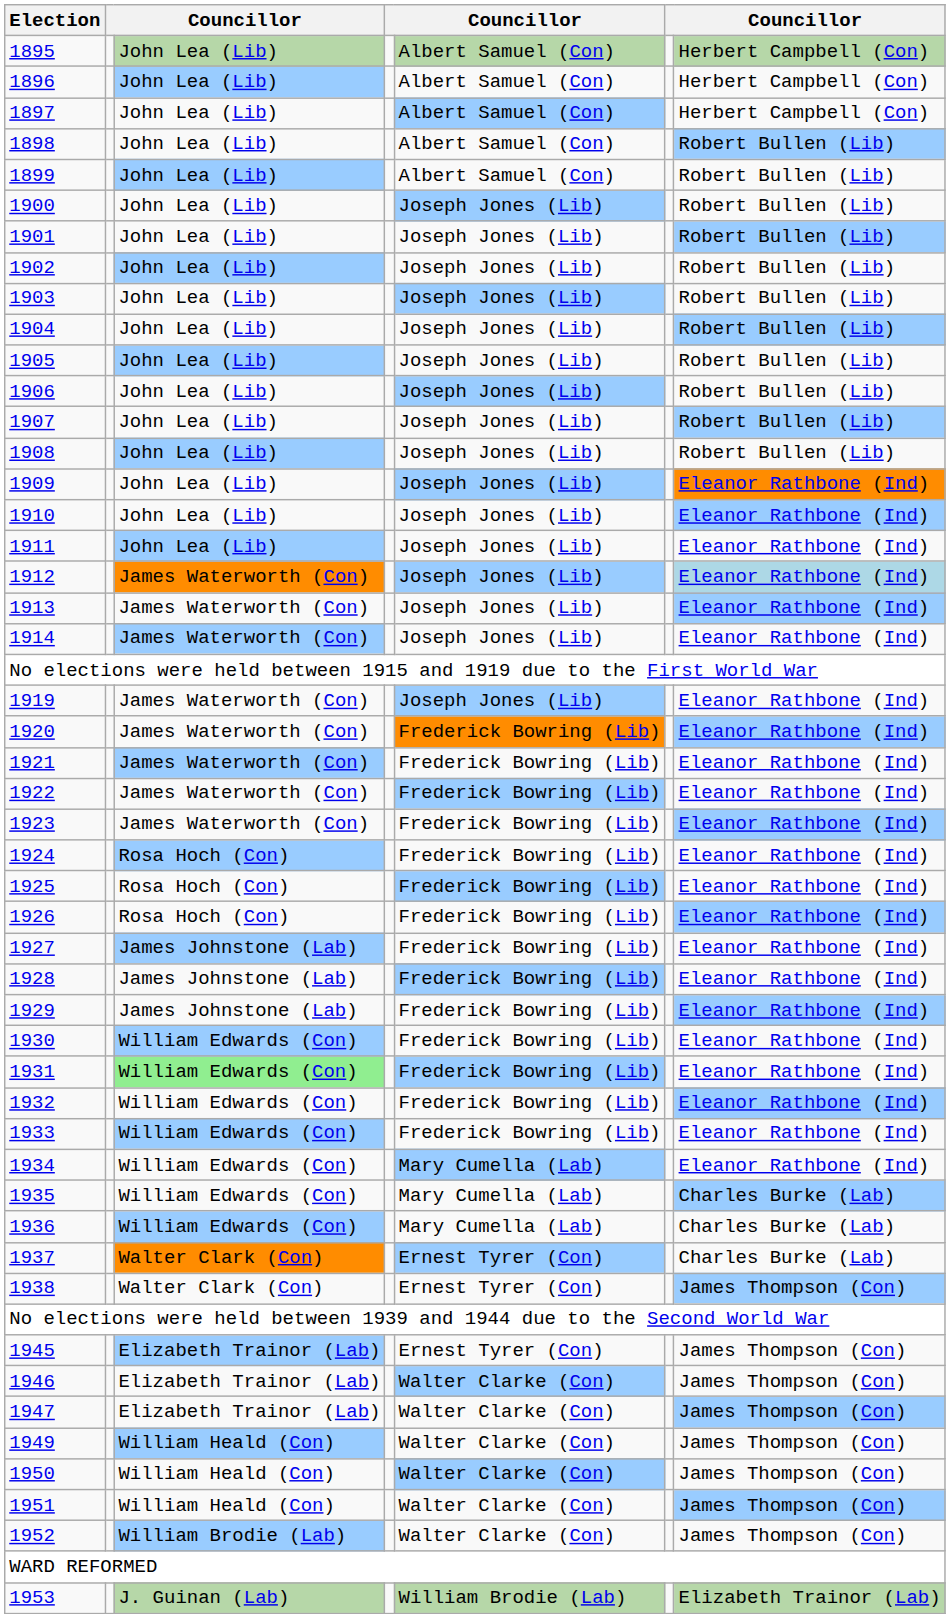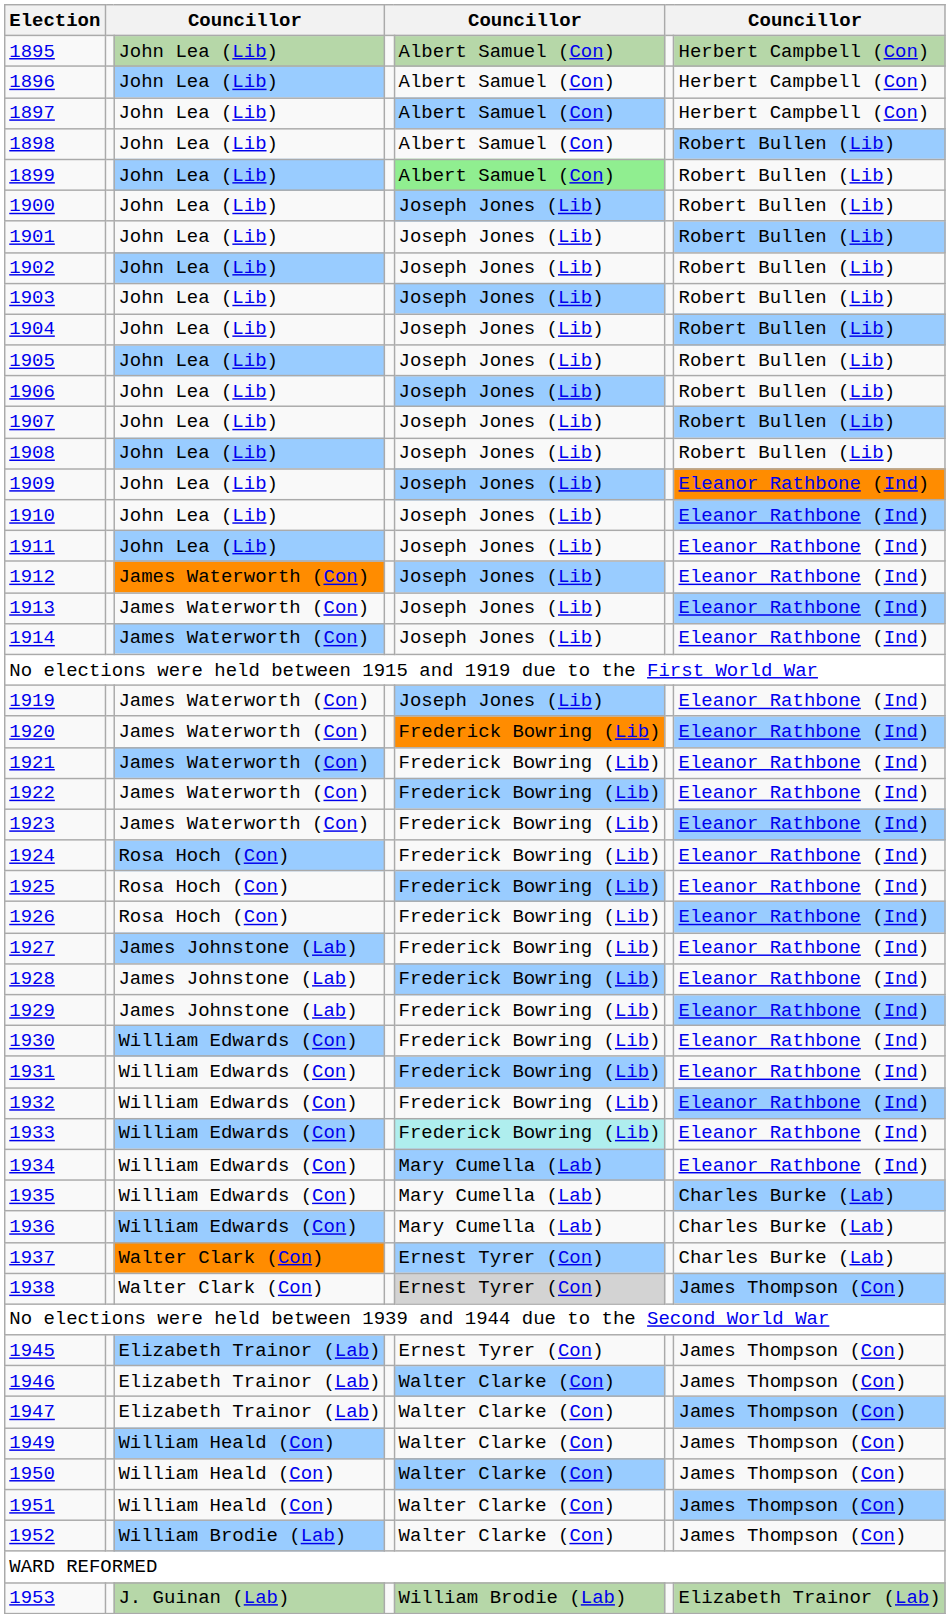 <table class="wikitable">
 <tr>
 <th>Election</th>
 <th colspan="2">Councillor</th>
 <th colspan="2">Councillor</th>
 <th colspan="2">Councillor</th>
 </tr>
 <tr>
 <td><a href='#'>1895</a></td>
 <td style="background-color: "></td>
 <td bgcolor="#B6D7A8">John Lea (<a href='#'>Lib</a>)</td>
 <td style="background-color: "></td>
 <td bgcolor="#B6D7A8">Albert Samuel (<a href='#'>Con</a>)</td>
 <td style="background-color: "></td>
 <td bgcolor="#B6D7A8">Herbert Campbell (<a href='#'>Con</a>)</td>
 </tr>
 <tr>
 <td><a href='#'>1896</a></td>
 <td style="background-color: "></td>
 <td bgcolor="#99CCFF">John Lea (<a href='#'>Lib</a>)</td>
 <td style="background-color: "></td>
 <td>Albert Samuel (<a href='#'>Con</a>)</td>
 <td style="background-color: "></td>
 <td>Herbert Campbell (<a href='#'>Con</a>)</td>
 </tr>
 <tr>
 <td><a href='#'>1897</a></td>
 <td style="background-color: "></td>
 <td>John Lea (<a href='#'>Lib</a>)</td>
 <td style="background-color: "></td>
 <td bgcolor="#99CCFF">Albert Samuel (<a href='#'>Con</a>)</td>
 <td style="background-color: "></td>
 <td>Herbert Campbell (<a href='#'>Con</a>)</td>
 </tr>
 <tr>
 <td><a href='#'>1898</a></td>
 <td style="background-color: "></td>
 <td>John Lea (<a href='#'>Lib</a>)</td>
 <td style="background-color: "></td>
 <td>Albert Samuel (<a href='#'>Con</a>)</td>
 <td style="background-color: "></td>
 <td bgcolor="#99CCFF">Robert Bullen (<a href='#'>Lib</a>)</td>
 </tr>
 <tr>
 <td><a href='#'>1899</a></td>
 <td style="background-color: "></td>
 <td bgcolor="#99CCFF">John Lea (<a href='#'>Lib</a>)</td>
 <td style="background-color: "></td>
-<td>Albert Samuel (<a href='#'>Con</a>)</td>
+<td style="background: lightgreen;">Albert Samuel (<a href='#'>Con</a>)</td>
 <td style="background-color: "></td>
 <td>Robert Bullen (<a href='#'>Lib</a>)</td>
 </tr>
 <tr>
 <td><a href='#'>1900</a></td>
 <td style="background-color: "></td>
 <td>John Lea (<a href='#'>Lib</a>)</td>
 <td style="background-color: "></td>
 <td bgcolor="#99CCFF">Joseph Jones (<a href='#'>Lib</a>)</td>
 <td style="background-color: "></td>
 <td>Robert Bullen (<a href='#'>Lib</a>)</td>
 </tr>
 <tr>
 <td><a href='#'>1901</a></td>
 <td style="background-color: "></td>
 <td>John Lea (<a href='#'>Lib</a>)</td>
 <td style="background-color: "></td>
 <td>Joseph Jones (<a href='#'>Lib</a>)</td>
 <td style="background-color: "></td>
 <td bgcolor="#99CCFF">Robert Bullen (<a href='#'>Lib</a>)</td>
 </tr>
 <tr>
 <td><a href='#'>1902</a></td>
 <td style="background-color: "></td>
 <td bgcolor="#99CCFF">John Lea (<a href='#'>Lib</a>)</td>
 <td style="background-color: "></td>
 <td>Joseph Jones (<a href='#'>Lib</a>)</td>
 <td style="background-color: "></td>
 <td>Robert Bullen (<a href='#'>Lib</a>)</td>
 </tr>
 <tr>
 <td><a href='#'>1903</a></td>
 <td style="background-color: "></td>
 <td>John Lea (<a href='#'>Lib</a>)</td>
 <td style="background-color: "></td>
 <td bgcolor="#99CCFF">Joseph Jones (<a href='#'>Lib</a>)</td>
 <td style="background-color: "></td>
 <td>Robert Bullen (<a href='#'>Lib</a>)</td>
 </tr>
 <tr>
 <td><a href='#'>1904</a></td>
 <td style="background-color: "></td>
 <td>John Lea (<a href='#'>Lib</a>)</td>
 <td style="background-color: "></td>
 <td>Joseph Jones (<a href='#'>Lib</a>)</td>
 <td style="background-color: "></td>
 <td bgcolor="#99CCFF">Robert Bullen (<a href='#'>Lib</a>)</td>
 </tr>
 <tr>
 <td><a href='#'>1905</a></td>
 <td style="background-color: "></td>
 <td bgcolor="#99CCFF">John Lea (<a href='#'>Lib</a>)</td>
 <td style="background-color: "></td>
 <td>Joseph Jones (<a href='#'>Lib</a>)</td>
 <td style="background-color: "></td>
 <td>Robert Bullen (<a href='#'>Lib</a>)</td>
 </tr>
 <tr>
 <td><a href='#'>1906</a></td>
 <td style="background-color: "></td>
 <td>John Lea (<a href='#'>Lib</a>)</td>
 <td style="background-color: "></td>
 <td bgcolor="#99CCFF">Joseph Jones (<a href='#'>Lib</a>)</td>
 <td style="background-color: "></td>
 <td>Robert Bullen (<a href='#'>Lib</a>)</td>
 </tr>
 <tr>
 <td><a href='#'>1907</a></td>
 <td style="background-color: "></td>
 <td>John Lea (<a href='#'>Lib</a>)</td>
 <td style="background-color: "></td>
 <td>Joseph Jones (<a href='#'>Lib</a>)</td>
 <td style="background-color: "></td>
 <td bgcolor="#99CCFF">Robert Bullen (<a href='#'>Lib</a>)</td>
 </tr>
 <tr>
 <td><a href='#'>1908</a></td>
 <td style="background-color: "></td>
 <td bgcolor="#99CCFF">John Lea (<a href='#'>Lib</a>)</td>
 <td style="background-color: "></td>
 <td>Joseph Jones (<a href='#'>Lib</a>)</td>
 <td style="background-color: "></td>
 <td>Robert Bullen (<a href='#'>Lib</a>)</td>
 </tr>
 <tr>
 <td><a href='#'>1909</a></td>
 <td style="background-color: "></td>
 <td>John Lea (<a href='#'>Lib</a>)</td>
 <td style="background-color: "></td>
 <td bgcolor="#99CCFF">Joseph Jones (<a href='#'>Lib</a>)</td>
 <td style="background-color: "></td>
 <td bgcolor="#FF8C00"><a href='#'>Eleanor Rathbone</a> (<a href='#'>Ind</a>)</td>
 </tr>
 <tr>
 <td><a href='#'>1910</a></td>
 <td style="background-color: "></td>
 <td>John Lea (<a href='#'>Lib</a>)</td>
 <td style="background-color: "></td>
 <td>Joseph Jones (<a href='#'>Lib</a>)</td>
 <td style="background-color: "></td>
 <td bgcolor="#99CCFF"><a href='#'>Eleanor Rathbone</a> (<a href='#'>Ind</a>)</td>
 </tr>
 <tr>
 <td><a href='#'>1911</a></td>
 <td style="background-color: "></td>
 <td bgcolor="#99CCFF">John Lea (<a href='#'>Lib</a>)</td>
 <td style="background-color: "></td>
 <td>Joseph Jones (<a href='#'>Lib</a>)</td>
 <td style="background-color: "></td>
 <td><a href='#'>Eleanor Rathbone</a> (<a href='#'>Ind</a>)</td>
 </tr>
 <tr>
 <td><a href='#'>1912</a></td>
 <td style="background-color: "></td>
 <td bgcolor="#FF8C00">James Waterworth (<a href='#'>Con</a>)</td>
 <td style="background-color: "></td>
 <td bgcolor="#99CCFF">Joseph Jones (<a href='#'>Lib</a>)</td>
 <td style="background-color: "></td>
-<td style="background: lightblue;"><a href='#'>Eleanor Rathbone</a> (<a href='#'>Ind</a>)</td>
+<td><a href='#'>Eleanor Rathbone</a> (<a href='#'>Ind</a>)</td>
 </tr>
 <tr>
 <td><a href='#'>1913</a></td>
 <td style="background-color: "></td>
 <td>James Waterworth (<a href='#'>Con</a>)</td>
 <td style="background-color: "></td>
 <td>Joseph Jones (<a href='#'>Lib</a>)</td>
 <td style="background-color: "></td>
 <td bgcolor="#99CCFF"><a href='#'>Eleanor Rathbone</a> (<a href='#'>Ind</a>)</td>
 </tr>
 <tr>
 <td><a href='#'>1914</a></td>
 <td style="background-color: "></td>
 <td bgcolor="#99CCFF">James Waterworth (<a href='#'>Con</a>)</td>
 <td style="background-color: "></td>
 <td>Joseph Jones (<a href='#'>Lib</a>)</td>
 <td style="background-color: "></td>
 <td><a href='#'>Eleanor Rathbone</a> (<a href='#'>Ind</a>)</td>
 </tr>
 <tr>
 <td colspan="7" bgcolor="#FFF"><div>No elections were held between 1915 and 1919 due to the <a href='#'>First World War</a></div></td>
 </tr>
 <tr>
 <td><a href='#'>1919</a></td>
 <td style="background-color: "></td>
 <td>James Waterworth (<a href='#'>Con</a>)</td>
 <td style="background-color: "></td>
 <td bgcolor="#99CCFF">Joseph Jones (<a href='#'>Lib</a>)</td>
 <td style="background-color: "></td>
 <td><a href='#'>Eleanor Rathbone</a> (<a href='#'>Ind</a>)</td>
 </tr>
 <tr>
 <td><a href='#'>1920</a></td>
 <td style="background-color: "></td>
 <td>James Waterworth (<a href='#'>Con</a>)</td>
 <td style="background-color: "></td>
 <td bgcolor="#FF8C00">Frederick Bowring (<a href='#'>Lib</a>)</td>
 <td style="background-color: "></td>
 <td bgcolor="#99CCFF"><a href='#'>Eleanor Rathbone</a> (<a href='#'>Ind</a>)</td>
 </tr>
 <tr>
 <td><a href='#'>1921</a></td>
 <td style="background-color: "></td>
 <td bgcolor="#99CCFF">James Waterworth (<a href='#'>Con</a>)</td>
 <td style="background-color: "></td>
 <td>Frederick Bowring (<a href='#'>Lib</a>)</td>
 <td style="background-color: "></td>
 <td><a href='#'>Eleanor Rathbone</a> (<a href='#'>Ind</a>)</td>
 </tr>
 <tr>
 <td><a href='#'>1922</a></td>
 <td style="background-color: "></td>
 <td>James Waterworth (<a href='#'>Con</a>)</td>
 <td style="background-color: "></td>
 <td bgcolor="#99CCFF">Frederick Bowring (<a href='#'>Lib</a>)</td>
 <td style="background-color: "></td>
 <td><a href='#'>Eleanor Rathbone</a> (<a href='#'>Ind</a>)</td>
 </tr>
 <tr>
 <td><a href='#'>1923</a></td>
 <td style="background-color: "></td>
 <td>James Waterworth (<a href='#'>Con</a>)</td>
 <td style="background-color: "></td>
 <td>Frederick Bowring (<a href='#'>Lib</a>)</td>
 <td style="background-color: "></td>
 <td bgcolor="#99CCFF"><a href='#'>Eleanor Rathbone</a> (<a href='#'>Ind</a>)</td>
 </tr>
 <tr>
 <td><a href='#'>1924</a></td>
 <td style="background-color: "></td>
 <td bgcolor="#99CCFF">Rosa Hoch (<a href='#'>Con</a>)</td>
 <td style="background-color: "></td>
 <td>Frederick Bowring (<a href='#'>Lib</a>)</td>
 <td style="background-color: "></td>
 <td><a href='#'>Eleanor Rathbone</a> (<a href='#'>Ind</a>)</td>
 </tr>
 <tr>
 <td><a href='#'>1925</a></td>
 <td style="background-color: "></td>
 <td>Rosa Hoch (<a href='#'>Con</a>)</td>
 <td style="background-color: "></td>
 <td bgcolor="#99CCFF">Frederick Bowring (<a href='#'>Lib</a>)</td>
 <td style="background-color: "></td>
 <td><a href='#'>Eleanor Rathbone</a> (<a href='#'>Ind</a>)</td>
 </tr>
 <tr>
 <td><a href='#'>1926</a></td>
 <td style="background-color: "></td>
 <td>Rosa Hoch (<a href='#'>Con</a>)</td>
 <td style="background-color: "></td>
 <td>Frederick Bowring (<a href='#'>Lib</a>)</td>
 <td style="background-color: "></td>
 <td bgcolor="#99CCFF"><a href='#'>Eleanor Rathbone</a> (<a href='#'>Ind</a>)</td>
 </tr>
 <tr>
 <td><a href='#'>1927</a></td>
 <td style="background-color: "></td>
 <td bgcolor="#99CCFF">James Johnstone (<a href='#'>Lab</a>)</td>
 <td style="background-color: "></td>
 <td>Frederick Bowring (<a href='#'>Lib</a>)</td>
 <td style="background-color: "></td>
 <td><a href='#'>Eleanor Rathbone</a> (<a href='#'>Ind</a>)</td>
 </tr>
 <tr>
 <td><a href='#'>1928</a></td>
 <td style="background-color: "></td>
 <td>James Johnstone (<a href='#'>Lab</a>)</td>
 <td style="background-color: "></td>
 <td bgcolor="#99CCFF">Frederick Bowring (<a href='#'>Lib</a>)</td>
 <td style="background-color: "></td>
 <td><a href='#'>Eleanor Rathbone</a> (<a href='#'>Ind</a>)</td>
 </tr>
 <tr>
 <td><a href='#'>1929</a></td>
 <td style="background-color: "></td>
 <td>James Johnstone (<a href='#'>Lab</a>)</td>
 <td style="background-color: "></td>
 <td>Frederick Bowring (<a href='#'>Lib</a>)</td>
 <td style="background-color: "></td>
 <td bgcolor="#99CCFF"><a href='#'>Eleanor Rathbone</a> (<a href='#'>Ind</a>)</td>
 </tr>
 <tr>
 <td><a href='#'>1930</a></td>
 <td style="background-color: "></td>
 <td bgcolor="#99CCFF">William Edwards (<a href='#'>Con</a>)</td>
 <td style="background-color: "></td>
 <td>Frederick Bowring (<a href='#'>Lib</a>)</td>
 <td style="background-color: "></td>
 <td><a href='#'>Eleanor Rathbone</a> (<a href='#'>Ind</a>)</td>
 </tr>
 <tr>
 <td><a href='#'>1931</a></td>
 <td style="background-color: "></td>
-<td style="background: lightgreen;">William Edwards (<a href='#'>Con</a>)</td>
+<td>William Edwards (<a href='#'>Con</a>)</td>
 <td style="background-color: "></td>
 <td bgcolor="#99CCFF">Frederick Bowring (<a href='#'>Lib</a>)</td>
 <td style="background-color: "></td>
 <td><a href='#'>Eleanor Rathbone</a> (<a href='#'>Ind</a>)</td>
 </tr>
 <tr>
 <td><a href='#'>1932</a></td>
 <td style="background-color: "></td>
 <td>William Edwards (<a href='#'>Con</a>)</td>
 <td style="background-color: "></td>
 <td>Frederick Bowring (<a href='#'>Lib</a>)</td>
 <td style="background-color: "></td>
 <td bgcolor="#99CCFF"><a href='#'>Eleanor Rathbone</a> (<a href='#'>Ind</a>)</td>
 </tr>
 <tr>
 <td><a href='#'>1933</a></td>
 <td style="background-color: "></td>
 <td bgcolor="#99CCFF">William Edwards (<a href='#'>Con</a>)</td>
 <td style="background-color: "></td>
-<td>Frederick Bowring (<a href='#'>Lib</a>)</td>
+<td style="background: paleturquoise;">Frederick Bowring (<a href='#'>Lib</a>)</td>
 <td style="background-color: "></td>
 <td><a href='#'>Eleanor Rathbone</a> (<a href='#'>Ind</a>)</td>
 </tr>
 <tr>
 <td><a href='#'>1934</a></td>
 <td style="background-color: "></td>
 <td>William Edwards (<a href='#'>Con</a>)</td>
 <td style="background-color: "></td>
 <td bgcolor="#99CCFF">Mary Cumella (<a href='#'>Lab</a>)</td>
 <td style="background-color: "></td>
 <td><a href='#'>Eleanor Rathbone</a> (<a href='#'>Ind</a>)</td>
 </tr>
 <tr>
 <td><a href='#'>1935</a></td>
 <td style="background-color: "></td>
 <td>William Edwards (<a href='#'>Con</a>)</td>
 <td style="background-color: "></td>
 <td>Mary Cumella (<a href='#'>Lab</a>)</td>
 <td style="background-color: "></td>
 <td bgcolor="#99CCFF">Charles Burke (<a href='#'>Lab</a>)</td>
 </tr>
 <tr>
 <td><a href='#'>1936</a></td>
 <td style="background-color: "></td>
 <td bgcolor="#99CCFF">William Edwards (<a href='#'>Con</a>)</td>
 <td style="background-color: "></td>
 <td>Mary Cumella (<a href='#'>Lab</a>)</td>
 <td style="background-color: "></td>
 <td>Charles Burke (<a href='#'>Lab</a>)</td>
 </tr>
 <tr>
 <td><a href='#'>1937</a></td>
 <td style="background-color: "></td>
 <td bgcolor="#FF8C00">Walter Clark (<a href='#'>Con</a>)</td>
 <td style="background-color: "></td>
 <td bgcolor="#99CCFF">Ernest Tyrer (<a href='#'>Con</a>)</td>
 <td style="background-color: "></td>
 <td>Charles Burke (<a href='#'>Lab</a>)</td>
 </tr>
 <tr>
 <td><a href='#'>1938</a></td>
 <td style="background-color: "></td>
 <td>Walter Clark (<a href='#'>Con</a>)</td>
 <td style="background-color: "></td>
-<td>Ernest Tyrer (<a href='#'>Con</a>)</td>
+<td style="background: lightgrey;">Ernest Tyrer (<a href='#'>Con</a>)</td>
 <td style="background-color: "></td>
 <td bgcolor="#99CCFF">James Thompson (<a href='#'>Con</a>)</td>
 </tr>
 <tr>
 <td colspan="7" bgcolor="#FFF"><div>No elections were held between 1939 and 1944 due to the <a href='#'>Second World War</a></div></td>
 </tr>
 <tr>
 <td><a href='#'>1945</a></td>
 <td style="background-color: "></td>
 <td bgcolor="#99CCFF">Elizabeth Trainor (<a href='#'>Lab</a>)</td>
 <td style="background-color: "></td>
 <td>Ernest Tyrer (<a href='#'>Con</a>)</td>
 <td style="background-color: "></td>
 <td>James Thompson (<a href='#'>Con</a>)</td>
 </tr>
 <tr>
 <td><a href='#'>1946</a></td>
 <td style="background-color: "></td>
 <td>Elizabeth Trainor (<a href='#'>Lab</a>)</td>
 <td style="background-color: "></td>
 <td bgcolor="#99CCFF">Walter Clarke (<a href='#'>Con</a>)</td>
 <td style="background-color: "></td>
 <td>James Thompson (<a href='#'>Con</a>)</td>
 </tr>
 <tr>
 <td><a href='#'>1947</a></td>
 <td style="background-color: "></td>
 <td>Elizabeth Trainor (<a href='#'>Lab</a>)</td>
 <td style="background-color: "></td>
 <td>Walter Clarke (<a href='#'>Con</a>)</td>
 <td style="background-color: "></td>
 <td bgcolor="#99CCFF">James Thompson (<a href='#'>Con</a>)</td>
 </tr>
 <tr>
 <td><a href='#'>1949</a></td>
 <td style="background-color: "></td>
 <td bgcolor="#99CCFF">William Heald (<a href='#'>Con</a>)</td>
 <td style="background-color: "></td>
 <td>Walter Clarke (<a href='#'>Con</a>)</td>
 <td style="background-color: "></td>
 <td>James Thompson (<a href='#'>Con</a>)</td>
 </tr>
 <tr>
 <td><a href='#'>1950</a></td>
 <td style="background-color: "></td>
 <td>William Heald (<a href='#'>Con</a>)</td>
 <td style="background-color: "></td>
 <td bgcolor="#99CCFF">Walter Clarke (<a href='#'>Con</a>)</td>
 <td style="background-color: "></td>
 <td>James Thompson (<a href='#'>Con</a>)</td>
 </tr>
 <tr>
 <td><a href='#'>1951</a></td>
 <td style="background-color: "></td>
 <td>William Heald (<a href='#'>Con</a>)</td>
 <td style="background-color: "></td>
 <td>Walter Clarke (<a href='#'>Con</a>)</td>
 <td style="background-color: "></td>
 <td bgcolor="#99CCFF">James Thompson (<a href='#'>Con</a>)</td>
 </tr>
 <tr>
 <td><a href='#'>1952</a></td>
 <td style="background-color: "></td>
 <td bgcolor="#99CCFF">William Brodie (<a href='#'>Lab</a>)</td>
 <td style="background-color: "></td>
 <td>Walter Clarke (<a href='#'>Con</a>)</td>
 <td style="background-color: "></td>
 <td>James Thompson (<a href='#'>Con</a>)</td>
 </tr>
 <tr>
 <td colspan="7" bgcolor="#FFF"><div>WARD REFORMED</div></td>
 </tr>
 <tr>
 <td><a href='#'>1953</a></td>
 <td style="background-color: "></td>
 <td bgcolor="#B6D7A8">J. Guinan (<a href='#'>Lab</a>)</td>
 <td style="background-color: "></td>
 <td bgcolor="#B6D7A8">William Brodie (<a href='#'>Lab</a>)</td>
 <td style="background-color: "></td>
 <td bgcolor="#B6D7A8">Elizabeth Trainor (<a href='#'>Lab</a>)</td>
 </tr>
 <tr>
 </tr>
 </table>
